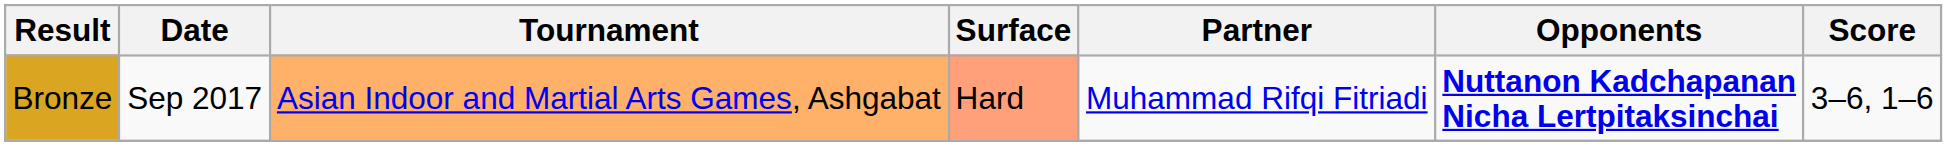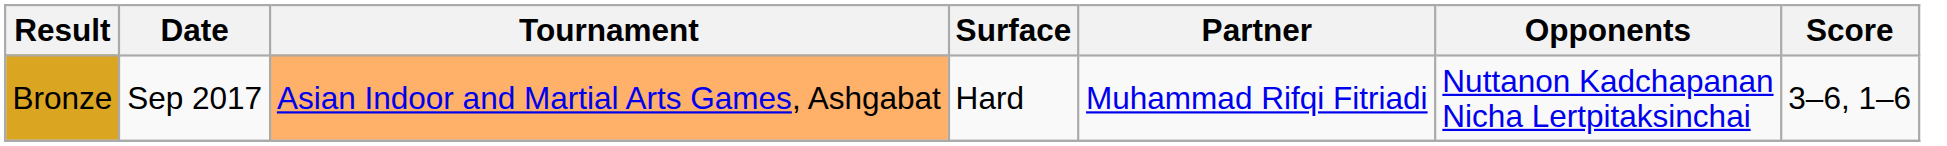 <table class="sortable wikitable" style="font-size:90%">
 <tr>
 <th>Result</th>
 <th>Date</th>
 <th>Tournament</th>
 <th>Surface</th>
 <th>Partner</th>
 <th>Opponents</th>
 <th class="unsortable">Score</th>
 </tr>
 <tr>
 <td style="background:#DAA520">Bronze</td>
 <td>Sep 2017</td>
 <td style="background:#FFB069"><a href='#'>Asian Indoor and Martial Arts Games</a>, Ashgabat</td>
-<td style="background: lightsalmon;">Hard</td>
+<td>Hard</td>
 <td> <a href='#'>Muhammad Rifqi Fitriadi</a></td>
-<td><strong> <a href='#'>Nuttanon Kadchapanan</a> <br>  <a href='#'>Nicha Lertpitaksinchai</a></strong></td>
+<td> <a href='#'>Nuttanon Kadchapanan</a> <br>  <a href='#'>Nicha Lertpitaksinchai</a></td>
 <td>3–6, 1–6</td>
 </tr>
 <tr>
 </tr>
 </table>
